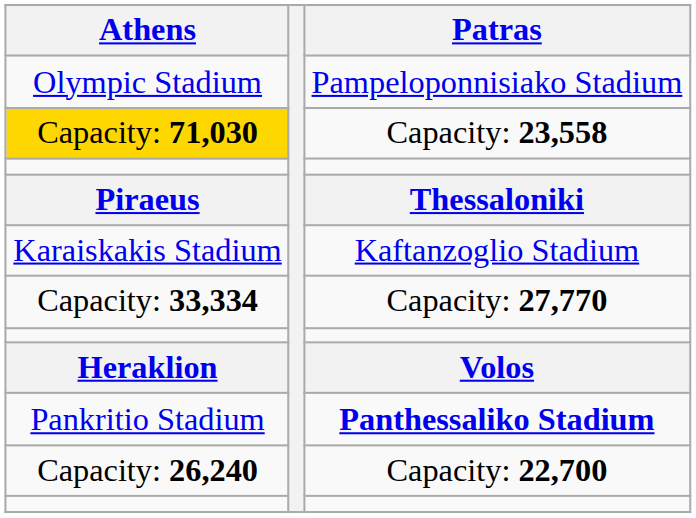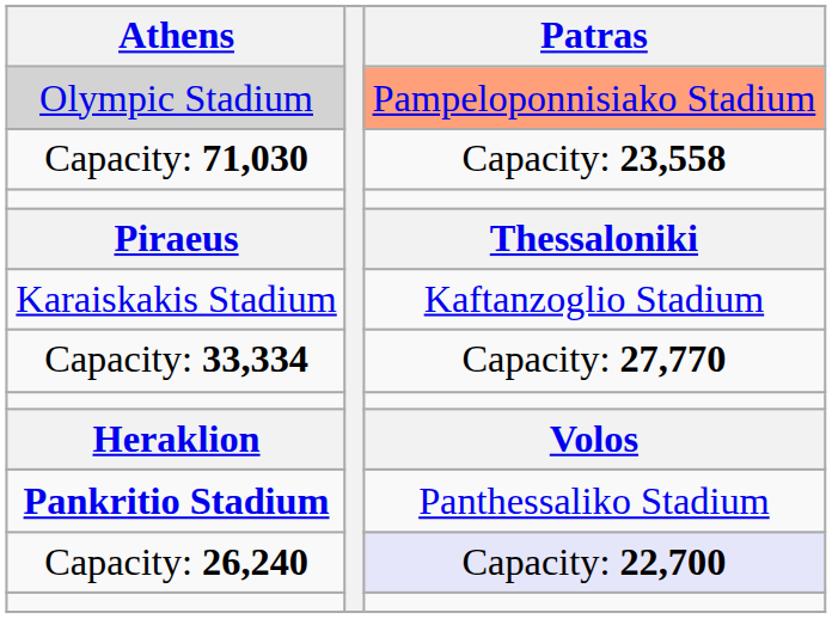 <table class="wikitable" style="text-align:center; margin-left:auto; margin-right:auto;">
 <tr>
 <th><a href='#'>Athens</a></th>
 <th rowspan=12 colspan=2></th>
 <th><a href='#'>Patras</a></th>
 </tr>
 <tr>
-<td><a href='#'>Olympic Stadium</a></td>
-<td><a href='#'>Pampeloponnisiako Stadium</a></td>
+<td style="background: lightgrey;"><a href='#'>Olympic Stadium</a></td>
+<td style="background: lightsalmon;"><a href='#'>Pampeloponnisiako Stadium</a></td>
 </tr>
 <tr>
-<td style="background: gold;">Capacity: <strong>71,030</strong></td>
+<td>Capacity: <strong>71,030</strong></td>
 <td>Capacity: <strong>23,558</strong></td>
 </tr>
 <tr>
 <td></td>
 <td></td>
 </tr>
 <tr>
 <th><a href='#'>Piraeus</a></th>
 <th><a href='#'>Thessaloniki</a></th>
 </tr>
 <tr>
 <td><a href='#'>Karaiskakis Stadium</a></td>
 <td><a href='#'>Kaftanzoglio Stadium</a></td>
 </tr>
 <tr>
 <td>Capacity: <strong>33,334</strong></td>
 <td>Capacity: <strong>27,770</strong></td>
 </tr>
 <tr>
 <td></td>
 <td></td>
 </tr>
 <tr>
 <th><a href='#'>Heraklion</a></th>
 <th><a href='#'>Volos</a></th>
 </tr>
 <tr>
-<td><a href='#'>Pankritio Stadium</a></td>
-<td><strong><a href='#'>Panthessaliko Stadium</a></strong></td>
+<td><strong><a href='#'>Pankritio Stadium</a></strong></td>
+<td><a href='#'>Panthessaliko Stadium</a></td>
 </tr>
 <tr>
 <td>Capacity: <strong>26,240</strong></td>
-<td>Capacity: <strong>22,700</strong></td>
+<td style="background: lavender;">Capacity: <strong>22,700</strong></td>
 </tr>
 <tr>
 <td></td>
 <td></td>
 </tr>
 </table>
